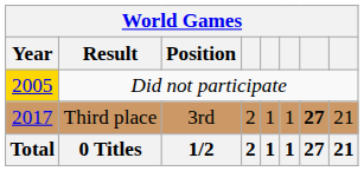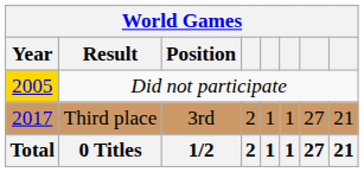 <table class="wikitable" style="text-align: center;">
 <tr>
 <th colspan="8"><a href='#'>World Games</a></th>
 </tr>
 <tr>
 <th>Year</th>
 <th>Result</th>
 <th>Position</th>
 <th></th>
 <th></th>
 <th></th>
 <th></th>
 <th></th>
 </tr>
 <tr>
 <td style="background: gold;"> <a href='#'>2005</a></td>
 <td colspan=7><em>Did not participate</em></td>
 </tr>
 <tr bgcolor=#cc9966>
 <td> <a href='#'>2017</a></td>
 <td>Third place</td>
 <td>3rd</td>
 <td>2</td>
 <td>1</td>
 <td>1</td>
-<td><strong>27</strong></td>
+<td>27</td>
 <td>21</td>
 </tr>
 <tr>
 <th>Total</th>
 <th>0 Titles</th>
 <th>1/2</th>
 <th>2</th>
 <th>1</th>
 <th>1</th>
 <th>27</th>
 <th>21</th>
 </tr>
 </table>
